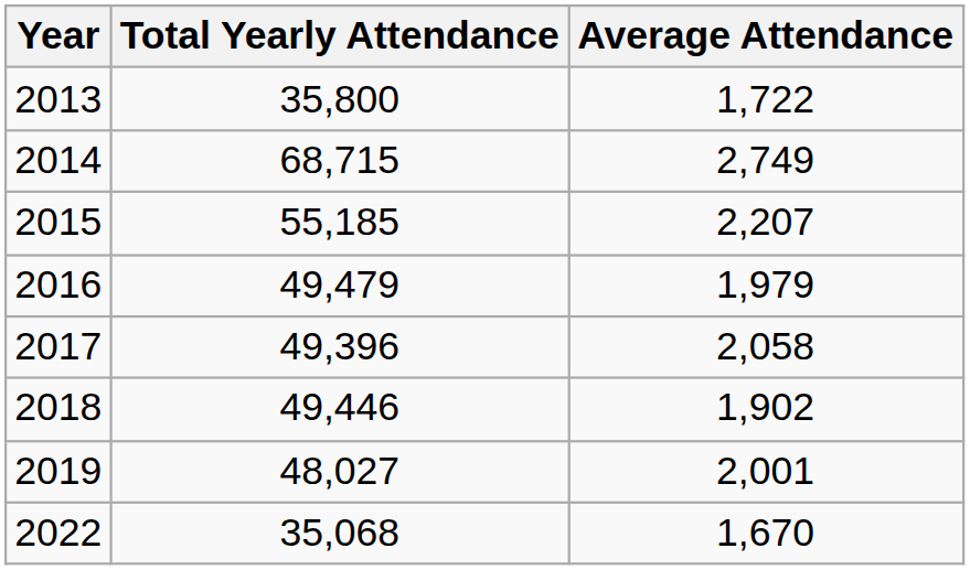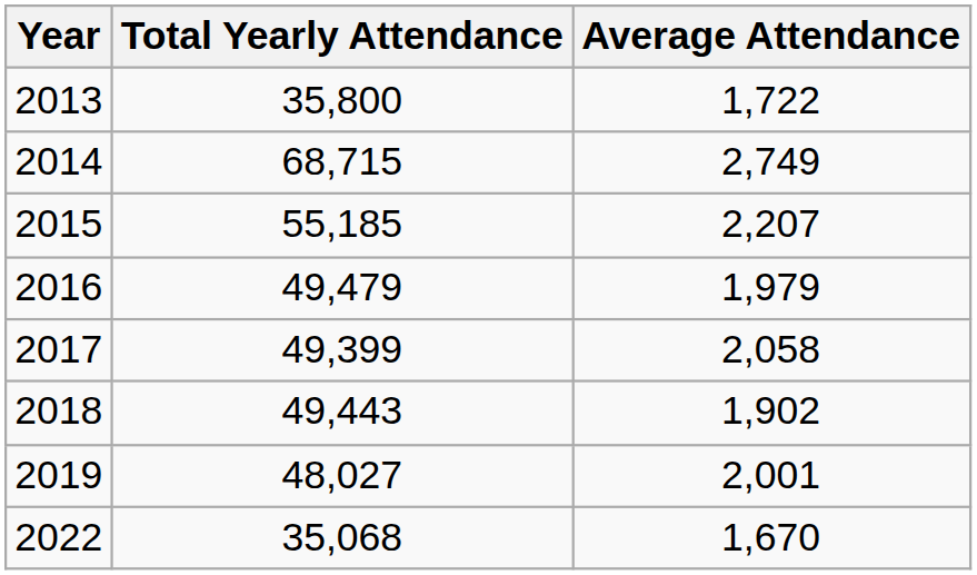 <table class=wikitable style="text-align:center">
 <tr>
 <th>Year</th>
 <th>Total Yearly Attendance</th>
 <th>Average Attendance</th>
 </tr>
 <tr>
 <td>2013</td>
 <td>35,800</td>
 <td>1,722</td>
 </tr>
 <tr>
 <td>2014</td>
 <td>68,715</td>
 <td>2,749</td>
 </tr>
 <tr>
 <td>2015</td>
 <td>55,185</td>
 <td>2,207</td>
 </tr>
 <tr>
 <td>2016</td>
 <td>49,479</td>
 <td>1,979</td>
 </tr>
 <tr>
 <td>2017</td>
-<td>49,396</td>
+<td>49,399</td>
 <td>2,058</td>
 </tr>
 <tr>
 <td>2018</td>
-<td>49,446</td>
+<td>49,443</td>
 <td>1,902</td>
 </tr>
 <tr>
 <td>2019</td>
 <td>48,027</td>
 <td>2,001</td>
 </tr>
 <tr>
 <td>2022</td>
 <td>35,068</td>
 <td>1,670</td>
 </tr>
 </table>
